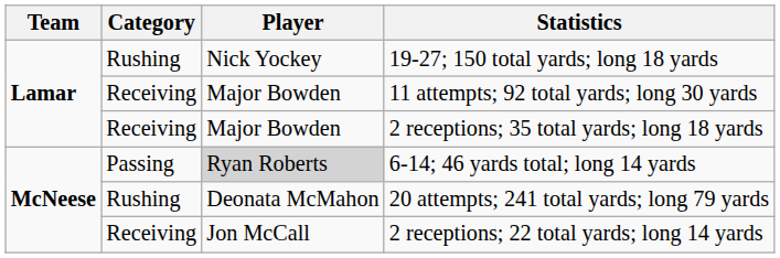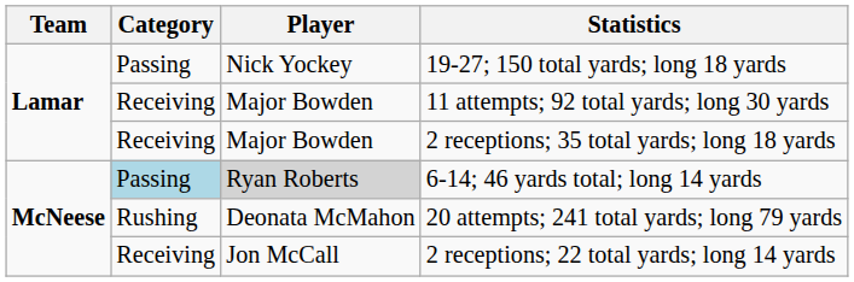 <table class="wikitable" style="float: right;">
 <tr>
 <th>Team</th>
 <th>Category</th>
 <th>Player</th>
 <th>Statistics</th>
 </tr>
 <tr>
 <td rowspan=3><strong>Lamar</strong></td>
-<td>Rushing</td>
+<td>Passing</td>
 <td>Nick Yockey</td>
 <td>19-27; 150 total yards; long 18 yards</td>
 </tr>
 <tr>
 <td>Receiving</td>
 <td>Major Bowden</td>
 <td>11 attempts; 92 total yards; long 30 yards</td>
 </tr>
 <tr>
 <td>Receiving</td>
 <td>Major Bowden</td>
 <td>2 receptions; 35 total yards; long 18 yards</td>
 </tr>
 <tr>
 <td rowspan=3><strong>McNeese</strong></td>
-<td>Passing</td>
+<td style="background: lightblue;">Passing</td>
 <td style="background: lightgrey;">Ryan Roberts</td>
 <td>6-14; 46 yards total; long 14 yards</td>
 </tr>
 <tr>
 <td>Rushing</td>
 <td>Deonata McMahon</td>
 <td>20 attempts; 241 total yards; long 79 yards</td>
 </tr>
 <tr>
 <td>Receiving</td>
 <td>Jon McCall</td>
 <td>2 receptions; 22 total yards; long 14 yards</td>
 </tr>
 </table>
